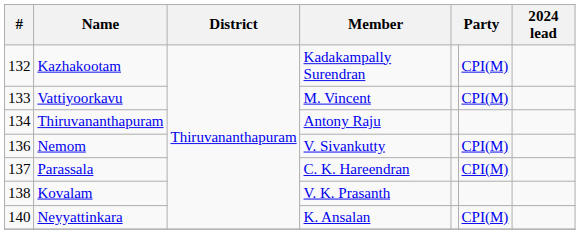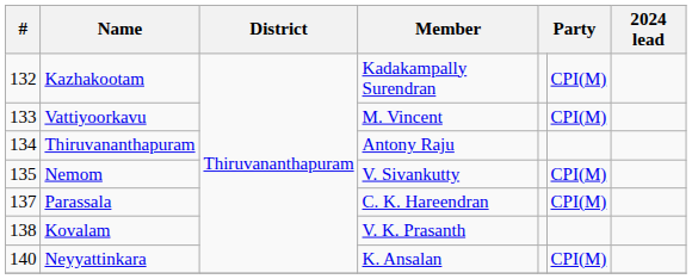 <table class="wikitable">
 <tr>
 <th>#</th>
 <th>Name</th>
 <th>District</th>
 <th>Member</th>
 <th colspan="2">Party</th>
 <th colspan="2">2024 lead</th>
 </tr>
 <tr>
 <td>132</td>
 <td><a href='#'>Kazhakootam</a></td>
 <td rowspan="7"><a href='#'>Thiruvananthapuram</a></td>
 <td><a href='#'>Kadakampally Surendran</a></td>
 <td style="background-color: "></td>
 <td><a href='#'>CPI(M)</a></td>
 <td></td>
 </tr>
 <tr>
 <td>133</td>
 <td><a href='#'>Vattiyoorkavu</a></td>
 <td><a href='#'>M. Vincent</a></td>
 <td style="background-color: "></td>
 <td><a href='#'>CPI(M)</a></td>
 <td></td>
 </tr>
 <tr>
 <td>134</td>
 <td><a href='#'>Thiruvananthapuram</a></td>
 <td><a href='#'>Antony Raju</a></td>
 <td></td>
 <td></td>
 </tr>
 <tr>
-<td>136</td>
+<td>135</td>
 <td><a href='#'>Nemom</a></td>
 <td><a href='#'>V. Sivankutty</a></td>
 <td style="background-color: "></td>
 <td><a href='#'>CPI(M)</a></td>
 <td></td>
 </tr>
 <tr>
 <td>137</td>
 <td><a href='#'>Parassala</a></td>
 <td><a href='#'>C. K. Hareendran</a></td>
 <td style="background-color: "></td>
 <td><a href='#'>CPI(M)</a></td>
 <td></td>
 </tr>
 <tr>
 <td>138</td>
 <td><a href='#'>Kovalam</a></td>
 <td><a href='#'>V. K. Prasanth</a></td>
 <td></td>
 <td></td>
 </tr>
 <tr>
 <td>140</td>
 <td><a href='#'>Neyyattinkara</a></td>
 <td><a href='#'>K. Ansalan</a></td>
 <td style="background-color: "></td>
 <td><a href='#'>CPI(M)</a></td>
 <td></td>
 </tr>
 <tr>
 </tr>
 </table>
